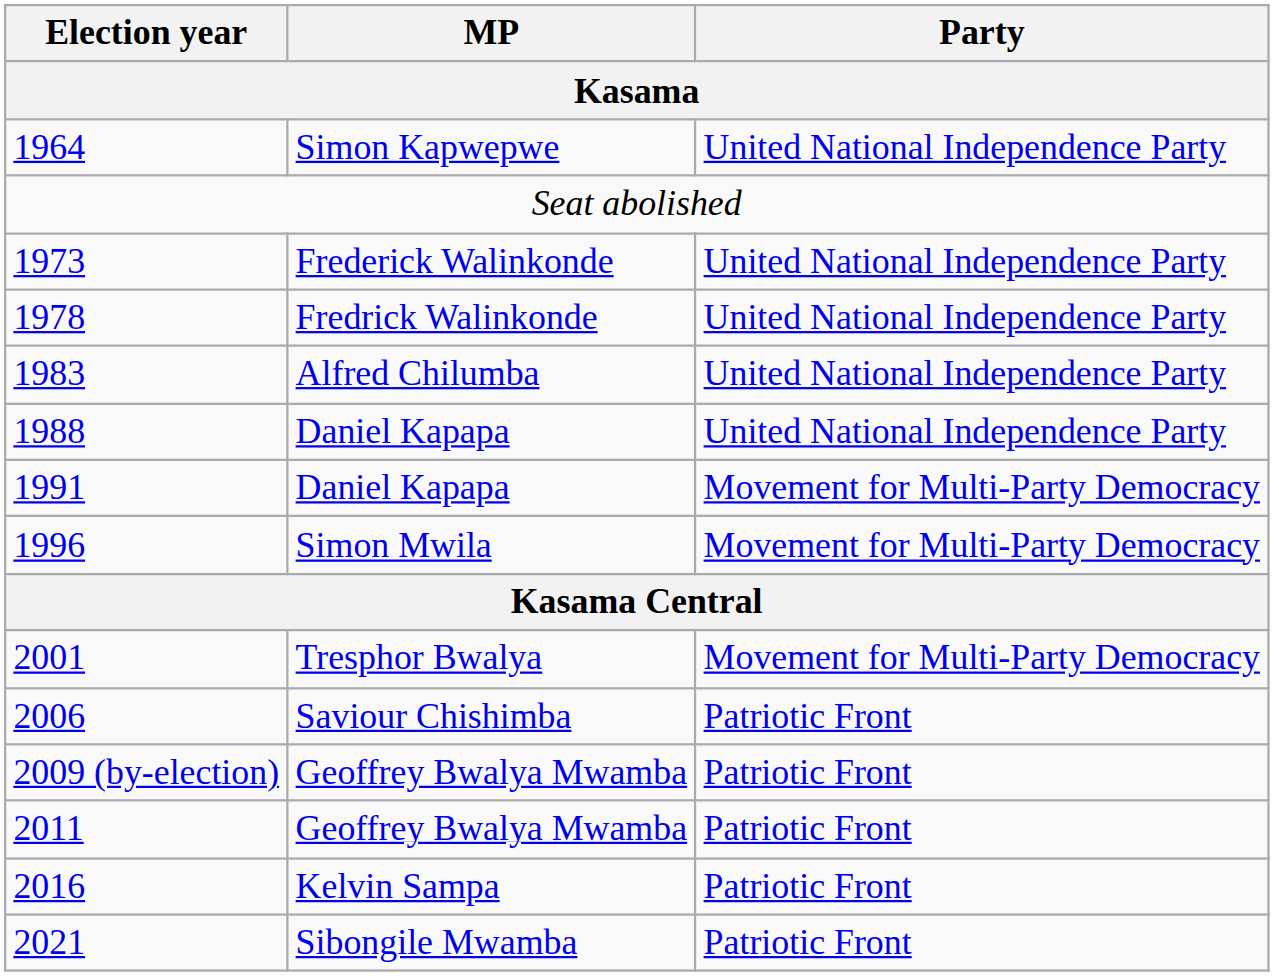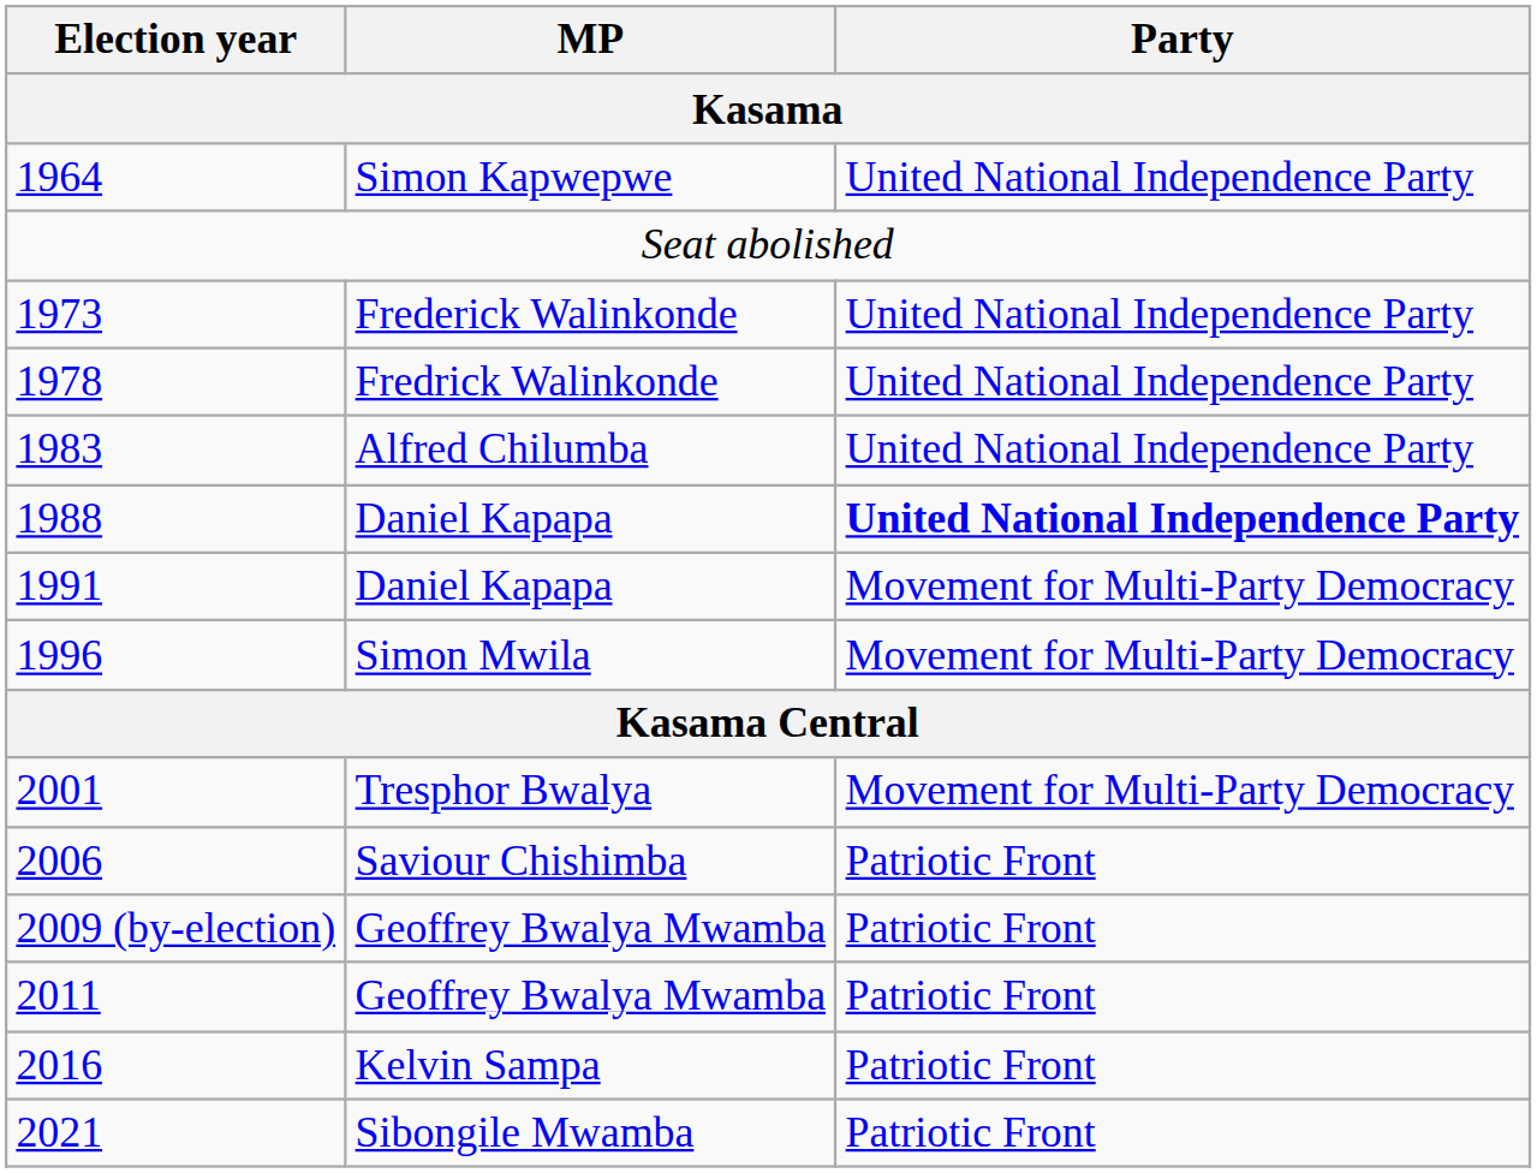 <table class=wikitable>
 <tr>
 <th>Election year</th>
 <th>MP</th>
 <th>Party</th>
 </tr>
 <tr>
 <th colspan=3>Kasama</th>
 </tr>
 <tr>
 <td><a href='#'>1964</a></td>
 <td><a href='#'>Simon Kapwepwe</a></td>
 <td><a href='#'>United National Independence Party</a></td>
 </tr>
 <tr>
 <td colspan=3 align=center><em>Seat abolished</em></td>
 </tr>
 <tr>
 <td><a href='#'>1973</a></td>
 <td><a href='#'>Frederick Walinkonde</a></td>
 <td><a href='#'>United National Independence Party</a></td>
 </tr>
 <tr>
 <td><a href='#'>1978</a></td>
 <td><a href='#'>Fredrick Walinkonde</a></td>
 <td><a href='#'>United National Independence Party</a></td>
 </tr>
 <tr>
 <td><a href='#'>1983</a></td>
 <td><a href='#'>Alfred Chilumba</a></td>
 <td><a href='#'>United National Independence Party</a></td>
 </tr>
 <tr>
 <td><a href='#'>1988</a></td>
 <td><a href='#'>Daniel Kapapa</a></td>
-<td><a href='#'>United National Independence Party</a></td>
+<td><strong><a href='#'>United National Independence Party</a></strong></td>
 </tr>
 <tr>
 <td><a href='#'>1991</a></td>
 <td><a href='#'>Daniel Kapapa</a></td>
 <td><a href='#'>Movement for Multi-Party Democracy</a></td>
 </tr>
 <tr>
 <td><a href='#'>1996</a></td>
 <td><a href='#'>Simon Mwila</a></td>
 <td><a href='#'>Movement for Multi-Party Democracy</a></td>
 </tr>
 <tr>
 <th colspan=3>Kasama Central</th>
 </tr>
 <tr>
 <td><a href='#'>2001</a></td>
 <td><a href='#'>Tresphor Bwalya</a></td>
 <td><a href='#'>Movement for Multi-Party Democracy</a></td>
 </tr>
 <tr>
 <td><a href='#'>2006</a></td>
 <td><a href='#'>Saviour Chishimba</a></td>
 <td><a href='#'>Patriotic Front</a></td>
 </tr>
 <tr>
 <td><a href='#'>2009 (by-election)</a></td>
 <td><a href='#'>Geoffrey Bwalya Mwamba</a></td>
 <td><a href='#'>Patriotic Front</a></td>
 </tr>
 <tr>
 <td><a href='#'>2011</a></td>
 <td><a href='#'>Geoffrey Bwalya Mwamba</a></td>
 <td><a href='#'>Patriotic Front</a></td>
 </tr>
 <tr>
 <td><a href='#'>2016</a></td>
 <td><a href='#'>Kelvin Sampa</a></td>
 <td><a href='#'>Patriotic Front</a></td>
 </tr>
 <tr>
 <td><a href='#'>2021</a></td>
 <td><a href='#'>Sibongile Mwamba</a></td>
 <td><a href='#'>Patriotic Front</a></td>
 </tr>
 </table>
